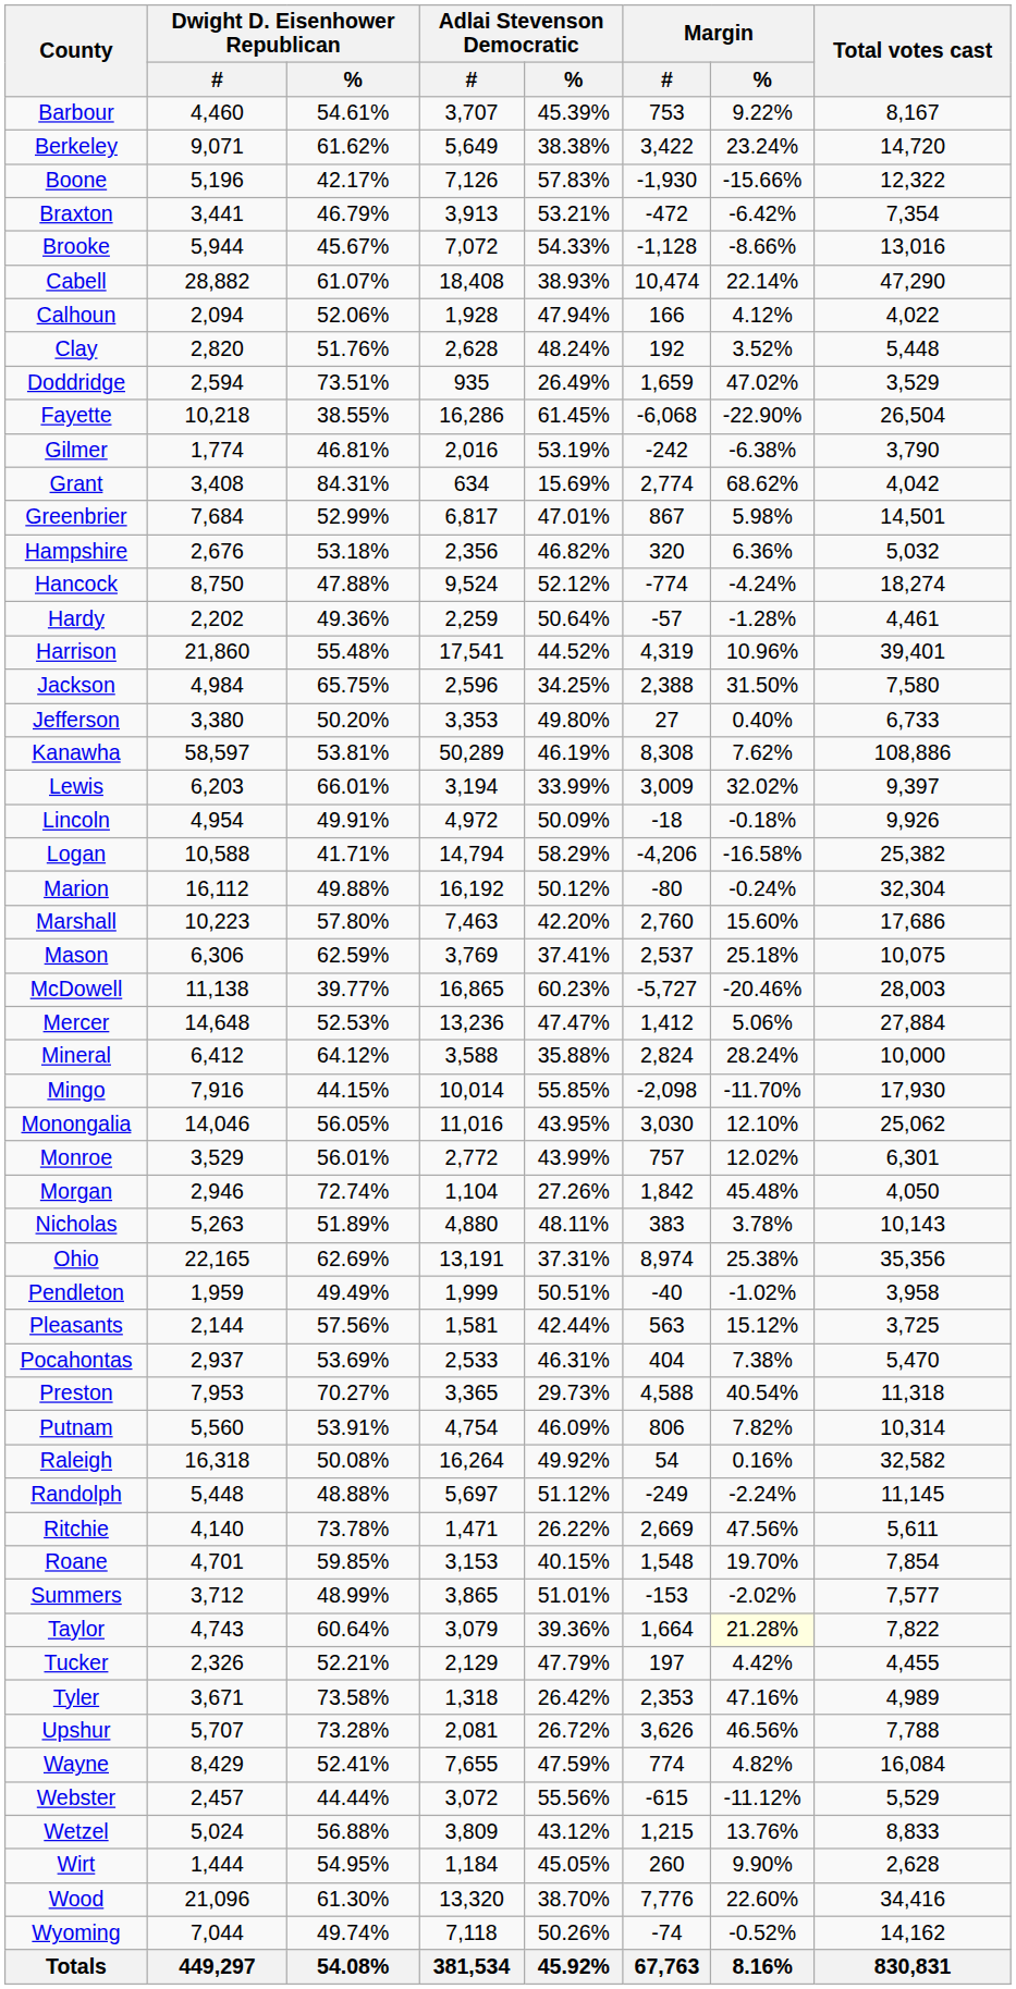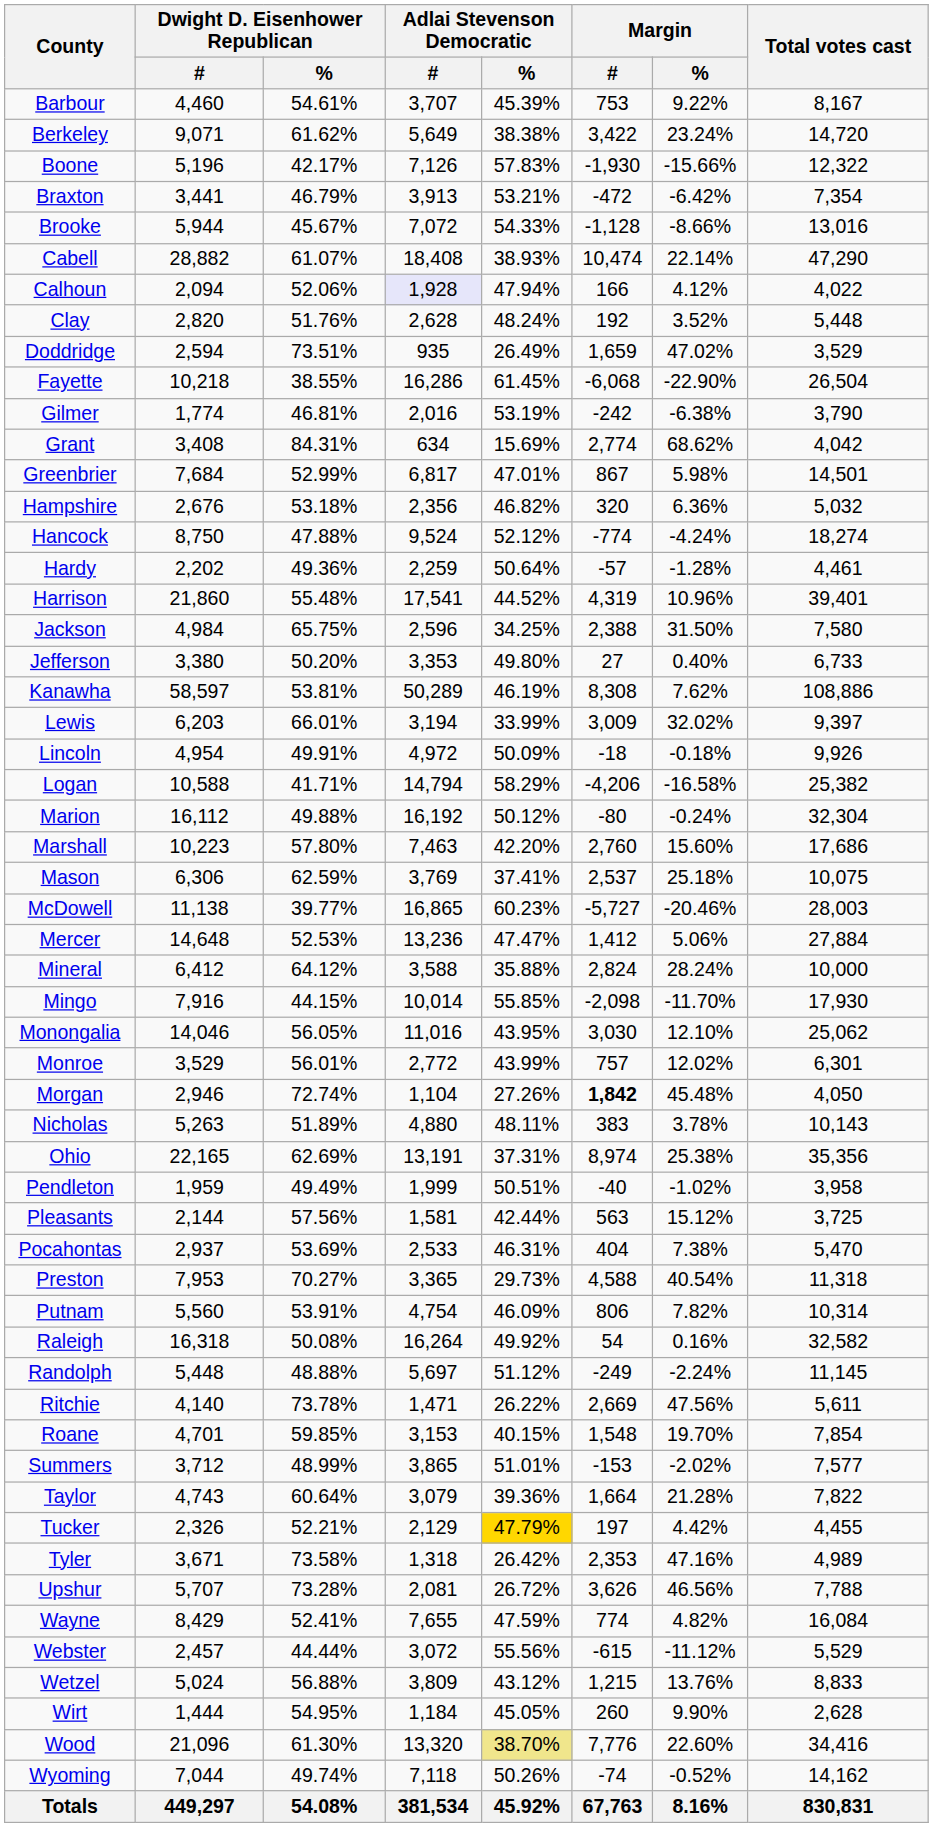 <table width="60%" class="wikitable sortable" style="text-align:center">
 <tr>
 <th style="text-align:center;" rowspan="2">County</th>
 <th style="text-align:center;" colspan="2">Dwight D. Eisenhower<br>Republican</th>
 <th style="text-align:center;" colspan="2">Adlai Stevenson<br>Democratic</th>
 <th style="text-align:center;" colspan="2">Margin</th>
 <th style="text-align:center;" rowspan="2">Total votes cast</th>
 </tr>
 <tr>
 <th style="text-align:center;" data-sort-type="number">#</th>
 <th style="text-align:center;" data-sort-type="number">%</th>
 <th style="text-align:center;" data-sort-type="number">#</th>
 <th style="text-align:center;" data-sort-type="number">%</th>
 <th style="text-align:center;" data-sort-type="number">#</th>
 <th style="text-align:center;" data-sort-type="number">%</th>
 </tr>
 <tr style="text-align:center;">
 <td><a href='#'>Barbour</a></td>
 <td>4,460</td>
 <td>54.61%</td>
 <td>3,707</td>
 <td>45.39%</td>
 <td>753</td>
 <td>9.22%</td>
 <td>8,167</td>
 </tr>
 <tr style="text-align:center;">
 <td><a href='#'>Berkeley</a></td>
 <td>9,071</td>
 <td>61.62%</td>
 <td>5,649</td>
 <td>38.38%</td>
 <td>3,422</td>
 <td>23.24%</td>
 <td>14,720</td>
 </tr>
 <tr style="text-align:center;">
 <td><a href='#'>Boone</a></td>
 <td>5,196</td>
 <td>42.17%</td>
 <td>7,126</td>
 <td>57.83%</td>
 <td>-1,930</td>
 <td>-15.66%</td>
 <td>12,322</td>
 </tr>
 <tr style="text-align:center;">
 <td><a href='#'>Braxton</a></td>
 <td>3,441</td>
 <td>46.79%</td>
 <td>3,913</td>
 <td>53.21%</td>
 <td>-472</td>
 <td>-6.42%</td>
 <td>7,354</td>
 </tr>
 <tr style="text-align:center;">
 <td><a href='#'>Brooke</a></td>
 <td>5,944</td>
 <td>45.67%</td>
 <td>7,072</td>
 <td>54.33%</td>
 <td>-1,128</td>
 <td>-8.66%</td>
 <td>13,016</td>
 </tr>
 <tr style="text-align:center;">
 <td><a href='#'>Cabell</a></td>
 <td>28,882</td>
 <td>61.07%</td>
 <td>18,408</td>
 <td>38.93%</td>
 <td>10,474</td>
 <td>22.14%</td>
 <td>47,290</td>
 </tr>
 <tr style="text-align:center;">
 <td><a href='#'>Calhoun</a></td>
 <td>2,094</td>
 <td>52.06%</td>
-<td>1,928</td>
+<td style="background: lavender;">1,928</td>
 <td>47.94%</td>
 <td>166</td>
 <td>4.12%</td>
 <td>4,022</td>
 </tr>
 <tr style="text-align:center;">
 <td><a href='#'>Clay</a></td>
 <td>2,820</td>
 <td>51.76%</td>
 <td>2,628</td>
 <td>48.24%</td>
 <td>192</td>
 <td>3.52%</td>
 <td>5,448</td>
 </tr>
 <tr style="text-align:center;">
 <td><a href='#'>Doddridge</a></td>
 <td>2,594</td>
 <td>73.51%</td>
 <td>935</td>
 <td>26.49%</td>
 <td>1,659</td>
 <td>47.02%</td>
 <td>3,529</td>
 </tr>
 <tr style="text-align:center;">
 <td><a href='#'>Fayette</a></td>
 <td>10,218</td>
 <td>38.55%</td>
 <td>16,286</td>
 <td>61.45%</td>
 <td>-6,068</td>
 <td>-22.90%</td>
 <td>26,504</td>
 </tr>
 <tr style="text-align:center;">
 <td><a href='#'>Gilmer</a></td>
 <td>1,774</td>
 <td>46.81%</td>
 <td>2,016</td>
 <td>53.19%</td>
 <td>-242</td>
 <td>-6.38%</td>
 <td>3,790</td>
 </tr>
 <tr style="text-align:center;">
 <td><a href='#'>Grant</a></td>
 <td>3,408</td>
 <td>84.31%</td>
 <td>634</td>
 <td>15.69%</td>
 <td>2,774</td>
 <td>68.62%</td>
 <td>4,042</td>
 </tr>
 <tr style="text-align:center;">
 <td><a href='#'>Greenbrier</a></td>
 <td>7,684</td>
 <td>52.99%</td>
 <td>6,817</td>
 <td>47.01%</td>
 <td>867</td>
 <td>5.98%</td>
 <td>14,501</td>
 </tr>
 <tr style="text-align:center;">
 <td><a href='#'>Hampshire</a></td>
 <td>2,676</td>
 <td>53.18%</td>
 <td>2,356</td>
 <td>46.82%</td>
 <td>320</td>
 <td>6.36%</td>
 <td>5,032</td>
 </tr>
 <tr style="text-align:center;">
 <td><a href='#'>Hancock</a></td>
 <td>8,750</td>
 <td>47.88%</td>
 <td>9,524</td>
 <td>52.12%</td>
 <td>-774</td>
 <td>-4.24%</td>
 <td>18,274</td>
 </tr>
 <tr style="text-align:center;">
 <td><a href='#'>Hardy</a></td>
 <td>2,202</td>
 <td>49.36%</td>
 <td>2,259</td>
 <td>50.64%</td>
 <td>-57</td>
 <td>-1.28%</td>
 <td>4,461</td>
 </tr>
 <tr style="text-align:center;">
 <td><a href='#'>Harrison</a></td>
 <td>21,860</td>
 <td>55.48%</td>
 <td>17,541</td>
 <td>44.52%</td>
 <td>4,319</td>
 <td>10.96%</td>
 <td>39,401</td>
 </tr>
 <tr style="text-align:center;">
 <td><a href='#'>Jackson</a></td>
 <td>4,984</td>
 <td>65.75%</td>
 <td>2,596</td>
 <td>34.25%</td>
 <td>2,388</td>
 <td>31.50%</td>
 <td>7,580</td>
 </tr>
 <tr style="text-align:center;">
 <td><a href='#'>Jefferson</a></td>
 <td>3,380</td>
 <td>50.20%</td>
 <td>3,353</td>
 <td>49.80%</td>
 <td>27</td>
 <td>0.40%</td>
 <td>6,733</td>
 </tr>
 <tr style="text-align:center;">
 <td><a href='#'>Kanawha</a></td>
 <td>58,597</td>
 <td>53.81%</td>
 <td>50,289</td>
 <td>46.19%</td>
 <td>8,308</td>
 <td>7.62%</td>
 <td>108,886</td>
 </tr>
 <tr style="text-align:center;">
 <td><a href='#'>Lewis</a></td>
 <td>6,203</td>
 <td>66.01%</td>
 <td>3,194</td>
 <td>33.99%</td>
 <td>3,009</td>
 <td>32.02%</td>
 <td>9,397</td>
 </tr>
 <tr style="text-align:center;">
 <td><a href='#'>Lincoln</a></td>
 <td>4,954</td>
 <td>49.91%</td>
 <td>4,972</td>
 <td>50.09%</td>
 <td>-18</td>
 <td>-0.18%</td>
 <td>9,926</td>
 </tr>
 <tr style="text-align:center;">
 <td><a href='#'>Logan</a></td>
 <td>10,588</td>
 <td>41.71%</td>
 <td>14,794</td>
 <td>58.29%</td>
 <td>-4,206</td>
 <td>-16.58%</td>
 <td>25,382</td>
 </tr>
 <tr style="text-align:center;">
 <td><a href='#'>Marion</a></td>
 <td>16,112</td>
 <td>49.88%</td>
 <td>16,192</td>
 <td>50.12%</td>
 <td>-80</td>
 <td>-0.24%</td>
 <td>32,304</td>
 </tr>
 <tr style="text-align:center;">
 <td><a href='#'>Marshall</a></td>
 <td>10,223</td>
 <td>57.80%</td>
 <td>7,463</td>
 <td>42.20%</td>
 <td>2,760</td>
 <td>15.60%</td>
 <td>17,686</td>
 </tr>
 <tr style="text-align:center;">
 <td><a href='#'>Mason</a></td>
 <td>6,306</td>
 <td>62.59%</td>
 <td>3,769</td>
 <td>37.41%</td>
 <td>2,537</td>
 <td>25.18%</td>
 <td>10,075</td>
 </tr>
 <tr style="text-align:center;">
 <td><a href='#'>McDowell</a></td>
 <td>11,138</td>
 <td>39.77%</td>
 <td>16,865</td>
 <td>60.23%</td>
 <td>-5,727</td>
 <td>-20.46%</td>
 <td>28,003</td>
 </tr>
 <tr style="text-align:center;">
 <td><a href='#'>Mercer</a></td>
 <td>14,648</td>
 <td>52.53%</td>
 <td>13,236</td>
 <td>47.47%</td>
 <td>1,412</td>
 <td>5.06%</td>
 <td>27,884</td>
 </tr>
 <tr style="text-align:center;">
 <td><a href='#'>Mineral</a></td>
 <td>6,412</td>
 <td>64.12%</td>
 <td>3,588</td>
 <td>35.88%</td>
 <td>2,824</td>
 <td>28.24%</td>
 <td>10,000</td>
 </tr>
 <tr style="text-align:center;">
 <td><a href='#'>Mingo</a></td>
 <td>7,916</td>
 <td>44.15%</td>
 <td>10,014</td>
 <td>55.85%</td>
 <td>-2,098</td>
 <td>-11.70%</td>
 <td>17,930</td>
 </tr>
 <tr style="text-align:center;">
 <td><a href='#'>Monongalia</a></td>
 <td>14,046</td>
 <td>56.05%</td>
 <td>11,016</td>
 <td>43.95%</td>
 <td>3,030</td>
 <td>12.10%</td>
 <td>25,062</td>
 </tr>
 <tr style="text-align:center;">
 <td><a href='#'>Monroe</a></td>
 <td>3,529</td>
 <td>56.01%</td>
 <td>2,772</td>
 <td>43.99%</td>
 <td>757</td>
 <td>12.02%</td>
 <td>6,301</td>
 </tr>
 <tr style="text-align:center;">
 <td><a href='#'>Morgan</a></td>
 <td>2,946</td>
 <td>72.74%</td>
 <td>1,104</td>
 <td>27.26%</td>
-<td>1,842</td>
+<td><strong>1,842</strong></td>
 <td>45.48%</td>
 <td>4,050</td>
 </tr>
 <tr style="text-align:center;">
 <td><a href='#'>Nicholas</a></td>
 <td>5,263</td>
 <td>51.89%</td>
 <td>4,880</td>
 <td>48.11%</td>
 <td>383</td>
 <td>3.78%</td>
 <td>10,143</td>
 </tr>
 <tr style="text-align:center;">
 <td><a href='#'>Ohio</a></td>
 <td>22,165</td>
 <td>62.69%</td>
 <td>13,191</td>
 <td>37.31%</td>
 <td>8,974</td>
 <td>25.38%</td>
 <td>35,356</td>
 </tr>
 <tr style="text-align:center;">
 <td><a href='#'>Pendleton</a></td>
 <td>1,959</td>
 <td>49.49%</td>
 <td>1,999</td>
 <td>50.51%</td>
 <td>-40</td>
 <td>-1.02%</td>
 <td>3,958</td>
 </tr>
 <tr style="text-align:center;">
 <td><a href='#'>Pleasants</a></td>
 <td>2,144</td>
 <td>57.56%</td>
 <td>1,581</td>
 <td>42.44%</td>
 <td>563</td>
 <td>15.12%</td>
 <td>3,725</td>
 </tr>
 <tr style="text-align:center;">
 <td><a href='#'>Pocahontas</a></td>
 <td>2,937</td>
 <td>53.69%</td>
 <td>2,533</td>
 <td>46.31%</td>
 <td>404</td>
 <td>7.38%</td>
 <td>5,470</td>
 </tr>
 <tr style="text-align:center;">
 <td><a href='#'>Preston</a></td>
 <td>7,953</td>
 <td>70.27%</td>
 <td>3,365</td>
 <td>29.73%</td>
 <td>4,588</td>
 <td>40.54%</td>
 <td>11,318</td>
 </tr>
 <tr style="text-align:center;">
 <td><a href='#'>Putnam</a></td>
 <td>5,560</td>
 <td>53.91%</td>
 <td>4,754</td>
 <td>46.09%</td>
 <td>806</td>
 <td>7.82%</td>
 <td>10,314</td>
 </tr>
 <tr style="text-align:center;">
 <td><a href='#'>Raleigh</a></td>
 <td>16,318</td>
 <td>50.08%</td>
 <td>16,264</td>
 <td>49.92%</td>
 <td>54</td>
 <td>0.16%</td>
 <td>32,582</td>
 </tr>
 <tr style="text-align:center;">
 <td><a href='#'>Randolph</a></td>
 <td>5,448</td>
 <td>48.88%</td>
 <td>5,697</td>
 <td>51.12%</td>
 <td>-249</td>
 <td>-2.24%</td>
 <td>11,145</td>
 </tr>
 <tr style="text-align:center;">
 <td><a href='#'>Ritchie</a></td>
 <td>4,140</td>
 <td>73.78%</td>
 <td>1,471</td>
 <td>26.22%</td>
 <td>2,669</td>
 <td>47.56%</td>
 <td>5,611</td>
 </tr>
 <tr style="text-align:center;">
 <td><a href='#'>Roane</a></td>
 <td>4,701</td>
 <td>59.85%</td>
 <td>3,153</td>
 <td>40.15%</td>
 <td>1,548</td>
 <td>19.70%</td>
 <td>7,854</td>
 </tr>
 <tr style="text-align:center;">
 <td><a href='#'>Summers</a></td>
 <td>3,712</td>
 <td>48.99%</td>
 <td>3,865</td>
 <td>51.01%</td>
 <td>-153</td>
 <td>-2.02%</td>
 <td>7,577</td>
 </tr>
 <tr style="text-align:center;">
 <td><a href='#'>Taylor</a></td>
 <td>4,743</td>
 <td>60.64%</td>
 <td>3,079</td>
 <td>39.36%</td>
 <td>1,664</td>
-<td style="background: lightyellow;">21.28%</td>
+<td>21.28%</td>
 <td>7,822</td>
 </tr>
 <tr style="text-align:center;">
 <td><a href='#'>Tucker</a></td>
 <td>2,326</td>
 <td>52.21%</td>
 <td>2,129</td>
-<td>47.79%</td>
+<td style="background: gold;">47.79%</td>
 <td>197</td>
 <td>4.42%</td>
 <td>4,455</td>
 </tr>
 <tr style="text-align:center;">
 <td><a href='#'>Tyler</a></td>
 <td>3,671</td>
 <td>73.58%</td>
 <td>1,318</td>
 <td>26.42%</td>
 <td>2,353</td>
 <td>47.16%</td>
 <td>4,989</td>
 </tr>
 <tr style="text-align:center;">
 <td><a href='#'>Upshur</a></td>
 <td>5,707</td>
 <td>73.28%</td>
 <td>2,081</td>
 <td>26.72%</td>
 <td>3,626</td>
 <td>46.56%</td>
 <td>7,788</td>
 </tr>
 <tr style="text-align:center;">
 <td><a href='#'>Wayne</a></td>
 <td>8,429</td>
 <td>52.41%</td>
 <td>7,655</td>
 <td>47.59%</td>
 <td>774</td>
 <td>4.82%</td>
 <td>16,084</td>
 </tr>
 <tr style="text-align:center;">
 <td><a href='#'>Webster</a></td>
 <td>2,457</td>
 <td>44.44%</td>
 <td>3,072</td>
 <td>55.56%</td>
 <td>-615</td>
 <td>-11.12%</td>
 <td>5,529</td>
 </tr>
 <tr style="text-align:center;">
 <td><a href='#'>Wetzel</a></td>
 <td>5,024</td>
 <td>56.88%</td>
 <td>3,809</td>
 <td>43.12%</td>
 <td>1,215</td>
 <td>13.76%</td>
 <td>8,833</td>
 </tr>
 <tr style="text-align:center;">
 <td><a href='#'>Wirt</a></td>
 <td>1,444</td>
 <td>54.95%</td>
 <td>1,184</td>
 <td>45.05%</td>
 <td>260</td>
 <td>9.90%</td>
 <td>2,628</td>
 </tr>
 <tr style="text-align:center;">
 <td><a href='#'>Wood</a></td>
 <td>21,096</td>
 <td>61.30%</td>
 <td>13,320</td>
-<td>38.70%</td>
+<td style="background: khaki;">38.70%</td>
 <td>7,776</td>
 <td>22.60%</td>
 <td>34,416</td>
 </tr>
 <tr style="text-align:center;">
 <td><a href='#'>Wyoming</a></td>
 <td>7,044</td>
 <td>49.74%</td>
 <td>7,118</td>
 <td>50.26%</td>
 <td>-74</td>
 <td>-0.52%</td>
 <td>14,162</td>
 </tr>
 <tr>
 <th>Totals</th>
 <th>449,297</th>
 <th>54.08%</th>
 <th>381,534</th>
 <th>45.92%</th>
 <th>67,763</th>
 <th>8.16%</th>
 <th>830,831</th>
 </tr>
 </table>
